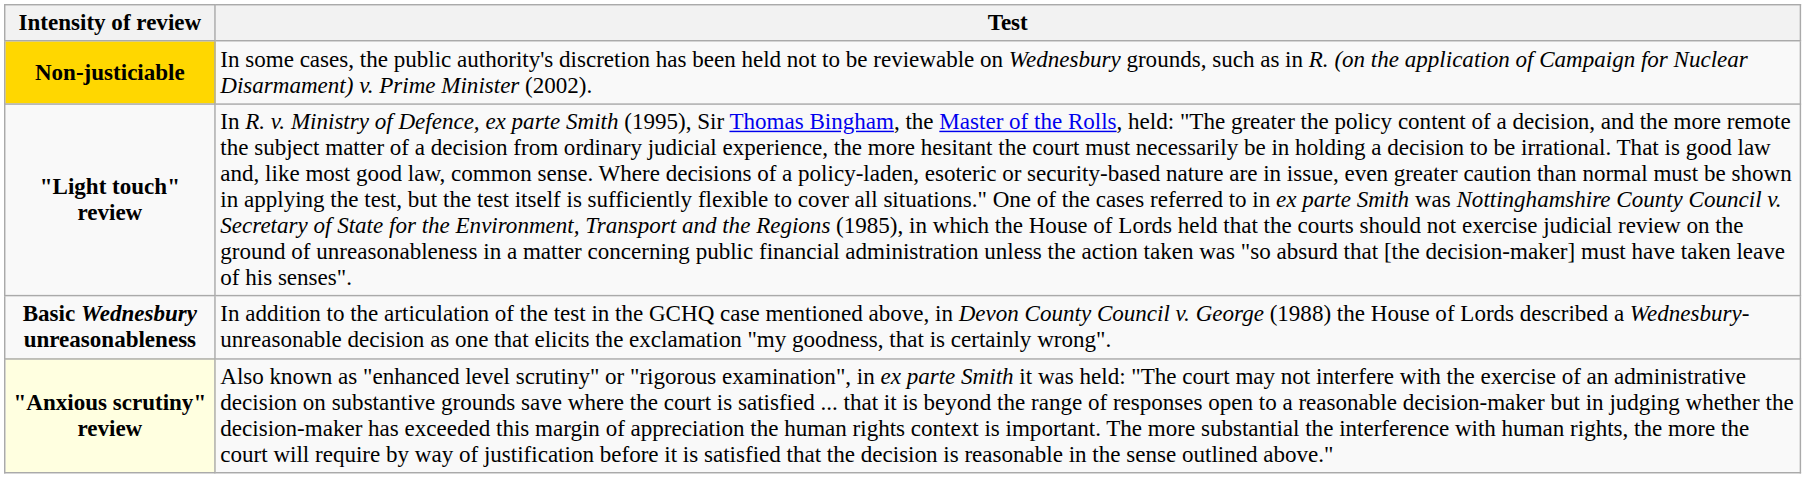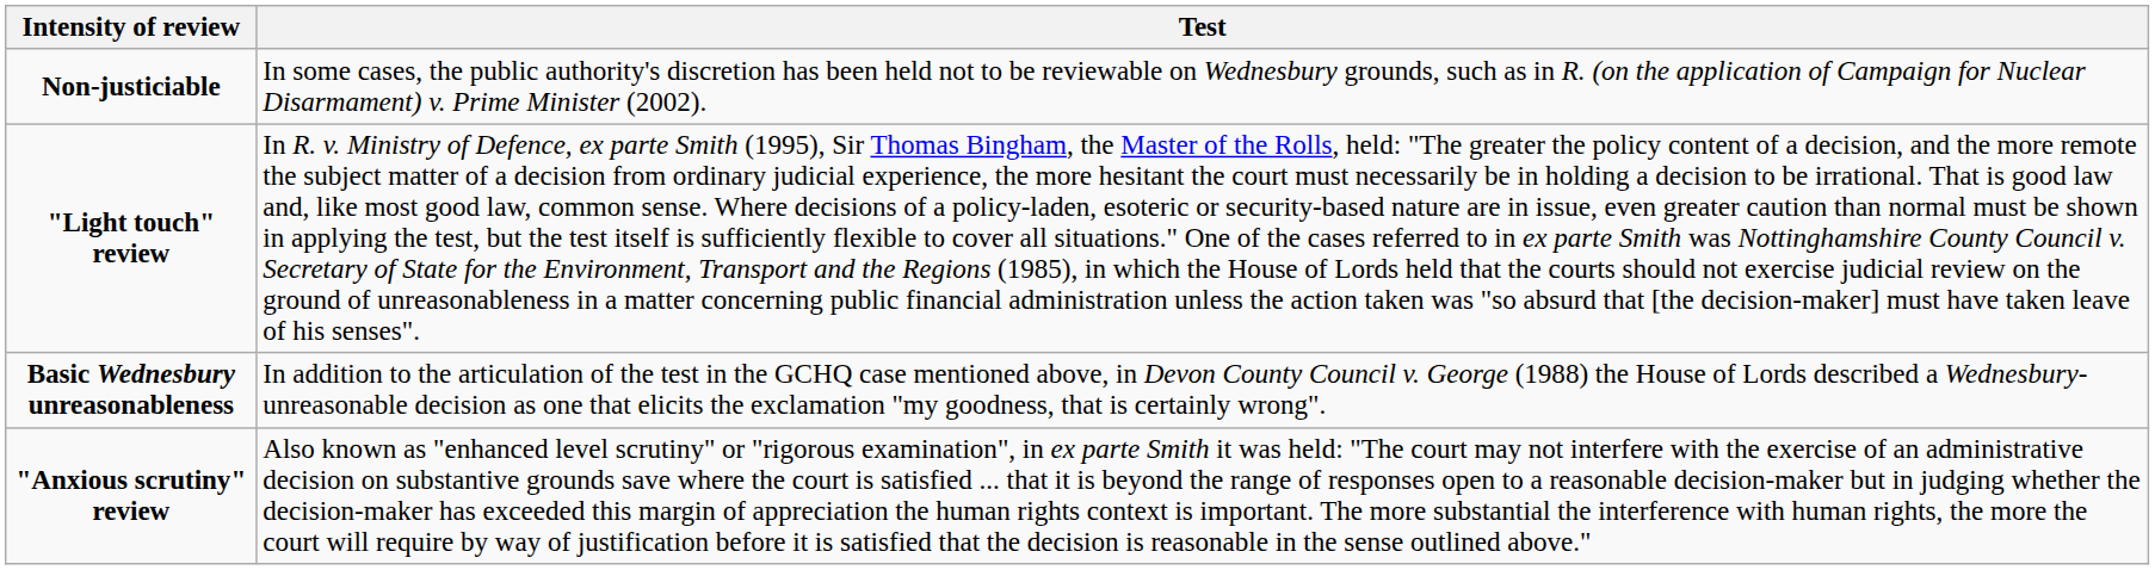 <table class=wikitable>
 <tr>
 <th>Intensity of review</th>
 <th>Test</th>
 </tr>
 <tr>
-<td align=center style="background: gold;"><strong>Non-justiciable</strong></td>
+<td align=center><strong>Non-justiciable</strong></td>
 <td>In some cases, the public authority's discretion has been held not to be reviewable on <em>Wednesbury</em> grounds, such as in <em>R. (on the application of Campaign for Nuclear Disarmament) v. Prime Minister</em> (2002).</td>
 </tr>
 <tr>
 <td align=center><strong>"Light touch" review</strong></td>
 <td>In <em>R. v. Ministry of Defence, ex parte Smith</em> (1995), Sir <a href='#'>Thomas Bingham</a>, the <a href='#'>Master of the Rolls</a>, held: "The greater the policy content of a decision, and the more remote the subject matter of a decision from ordinary judicial experience, the more hesitant the court must necessarily be in holding a decision to be irrational. That is good law and, like most good law, common sense. Where decisions of a policy-laden, esoteric or security-based nature are in issue, even greater caution than normal must be shown in applying the test, but the test itself is sufficiently flexible to cover all situations." One of the cases referred to in <em>ex parte Smith</em> was <em>Nottinghamshire County Council v. Secretary of State for the Environment, Transport and the Regions</em> (1985), in which the House of Lords held that the courts should not exercise judicial review on the ground of unreasonableness in a matter concerning public financial administration unless the action taken was "so absurd that [the decision-maker] must have taken leave of his senses".</td>
 </tr>
 <tr>
 <td align=center><strong>Basic <em>Wednesbury</em> unreasonableness</strong></td>
 <td>In addition to the articulation of the test in the GCHQ case mentioned above, in <em>Devon County Council v. George</em> (1988) the House of Lords described a <em>Wednesbury</em>-unreasonable decision as one that elicits the exclamation "my goodness, that is certainly wrong".</td>
 </tr>
 <tr>
-<td align=center style="background: lightyellow;"><strong>"Anxious scrutiny" review</strong></td>
+<td align=center><strong>"Anxious scrutiny" review</strong></td>
 <td>Also known as "enhanced level scrutiny" or "rigorous examination", in <em>ex parte Smith</em> it was held: "The court may not interfere with the exercise of an administrative decision on substantive grounds save where the court is satisfied ... that it is beyond the range of responses open to a reasonable decision-maker but in judging whether the decision-maker has exceeded this margin of appreciation the human rights context is important. The more substantial the interference with human rights, the more the court will require by way of justification before it is satisfied that the decision is reasonable in the sense outlined above."</td>
 </tr>
 </table>
